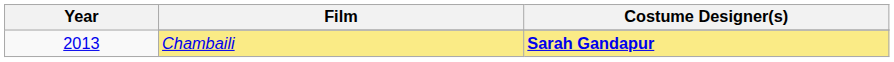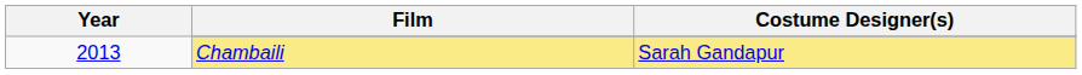 <table class="wikitable">
 <tr>
 <th width="8%">Year</th>
 <th width="19%">Film</th>
 <th width="19%">Costume Designer(s)</th>
 </tr>
 <tr>
 <td rowspan=2 style="text-align:center"><a href='#'>2013</a><br></td>
 </tr>
 <tr style="background:#FAEB86">
 <td><em><a href='#'>Chambaili</a></em></td>
-<td><strong><a href='#'>Sarah Gandapur</a></strong></td>
+<td><a href='#'>Sarah Gandapur</a></td>
 </tr>
 </table>
